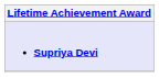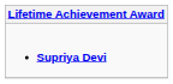 <table class="wikitable">
 <tr>
 <th colspan=2; style="text-align: left;"><a href='#'>Lifetime Achievement Award</a></th>
 </tr>
 <tr>
-<td style="background: lavender;"><br><ul><li><strong><a href='#'>Supriya Devi</a></strong></li></ul></td>
+<td><br><ul><li><strong><a href='#'>Supriya Devi</a></strong></li></ul></td>
 </tr>
 <tr>
 </tr>
 </table>
